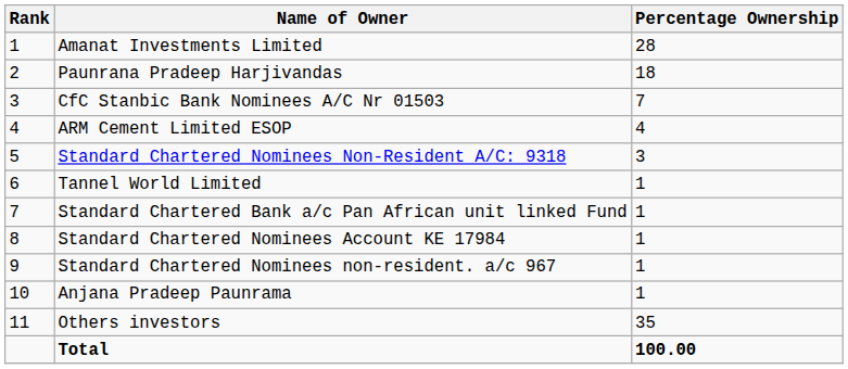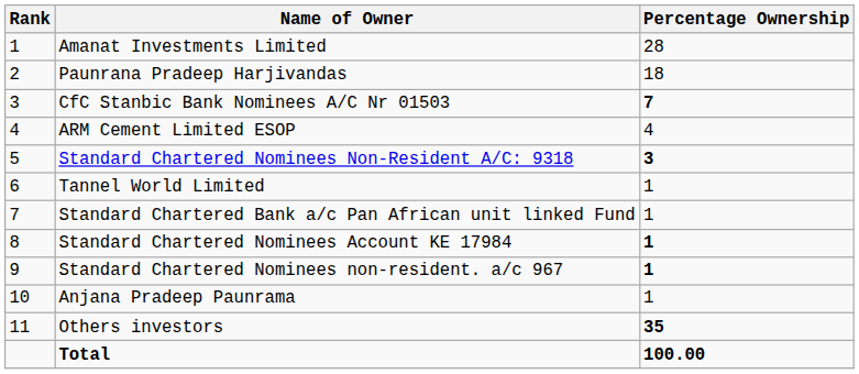 <table class="wikitable sortable" style="margin: 0.5em auto">
 <tr>
 <th>Rank</th>
 <th>Name of Owner</th>
 <th>Percentage Ownership</th>
 </tr>
 <tr>
 <td>1</td>
 <td>Amanat Investments Limited</td>
 <td>28</td>
 </tr>
 <tr>
 <td>2</td>
 <td>Paunrana Pradeep Harjivandas</td>
 <td>18</td>
 </tr>
 <tr>
 <td>3</td>
 <td>CfC Stanbic Bank Nominees A/C Nr 01503</td>
-<td>7</td>
+<td><strong>7</strong></td>
 </tr>
 <tr>
 <td>4</td>
 <td>ARM Cement Limited ESOP</td>
 <td>4</td>
 </tr>
 <tr>
 <td>5</td>
 <td><a href='#'>Standard Chartered Nominees Non-Resident A/C: 9318</a></td>
-<td>3</td>
+<td><strong>3</strong></td>
 </tr>
 <tr>
 <td>6</td>
 <td>Tannel World Limited</td>
 <td>1</td>
 </tr>
 <tr>
 <td>7</td>
 <td>Standard Chartered Bank a/c Pan African unit linked Fund</td>
 <td>1</td>
 </tr>
 <tr>
 <td>8</td>
 <td>Standard Chartered Nominees Account KE 17984</td>
-<td>1</td>
+<td><strong>1</strong></td>
 </tr>
 <tr>
 <td>9</td>
 <td>Standard Chartered Nominees non-resident. a/c 967</td>
-<td>1</td>
+<td><strong>1</strong></td>
 </tr>
 <tr>
 <td>10</td>
 <td>Anjana Pradeep Paunrama</td>
 <td>1</td>
 </tr>
 <tr>
 <td>11</td>
 <td>Others investors</td>
-<td>35</td>
+<td><strong>35</strong></td>
 </tr>
 <tr>
 <td></td>
 <td><strong>Total</strong></td>
 <td><strong>100.00</strong></td>
 </tr>
 <tr>
 </tr>
 </table>
